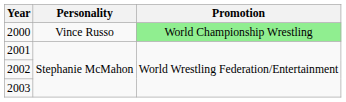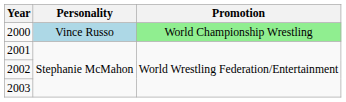 <table class="wikitable sortable" style="text-align: center">
 <tr>
 <th>Year</th>
 <th>Personality</th>
 <th>Promotion</th>
 </tr>
 <tr>
 <td>2000</td>
-<td>Vince Russo</td>
+<td style="background: lightblue;">Vince Russo</td>
 <td style="background: lightgreen;">World Championship Wrestling</td>
 </tr>
 <tr>
 <td>2001</td>
 <td rowspan=3>Stephanie McMahon</td>
 <td rowspan=3>World Wrestling Federation/Entertainment</td>
 </tr>
 <tr>
 <td>2002</td>
 </tr>
 <tr>
 <td>2003</td>
 </tr>
 </table>
